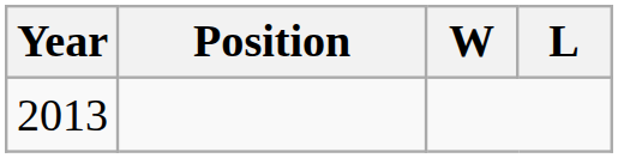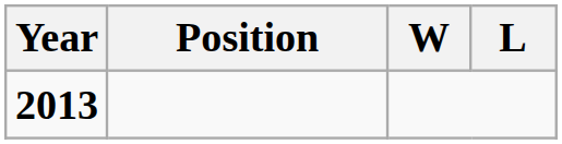 <table class="wikitable" style="text-align: center;">
 <tr>
 <th>Year</th>
 <th width="100">Position</th>
 <th width="25">W</th>
 <th width="25">L</th>
 </tr>
 <tr>
-<td> 2013</td>
+<td><strong> 2013</strong></td>
 <td></td>
 </tr>
 </table>
